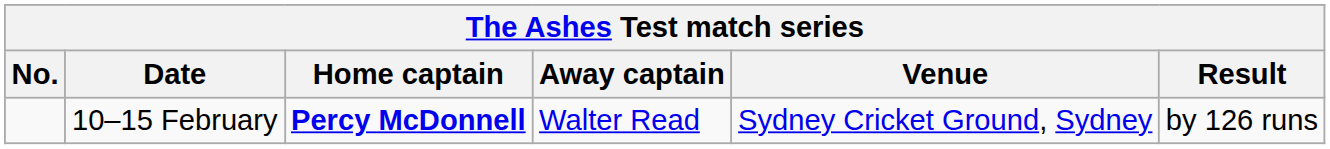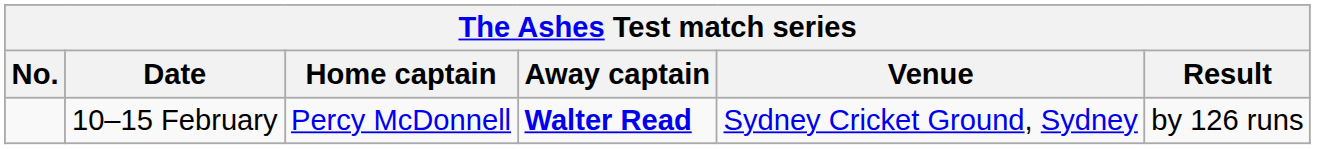 <table class="wikitable">
 <tr>
 <th colspan="9"><a href='#'>The Ashes</a> Test match series</th>
 </tr>
 <tr>
 <th>No.</th>
 <th>Date</th>
 <th>Home captain</th>
 <th>Away captain</th>
 <th>Venue</th>
 <th>Result</th>
 </tr>
 <tr>
 <td></td>
 <td>10–15 February</td>
-<td><strong><a href='#'>Percy McDonnell</a></strong></td>
-<td><a href='#'>Walter Read</a></td>
+<td><a href='#'>Percy McDonnell</a></td>
+<td><strong><a href='#'>Walter Read</a></strong></td>
 <td><a href='#'>Sydney Cricket Ground</a>, <a href='#'>Sydney</a></td>
 <td> by 126 runs</td>
 </tr>
 </table>
